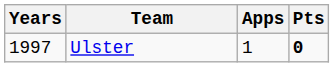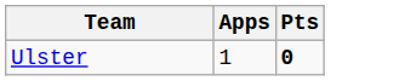 <table class="wikitable" style="text-align:left;">
 <tr>
-<th>Years</th>
 <th width=120px>Team</th>
 <th>Apps</th>
 <th>Pts</th>
 </tr>
 <tr>
-<td>1997</td>
 <td><a href='#'>Ulster</a></td>
 <td>1</td>
 <td><strong>0</strong></td>
 </tr>
 </table>
